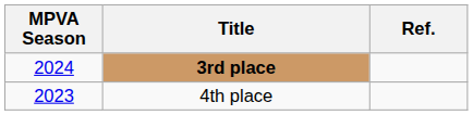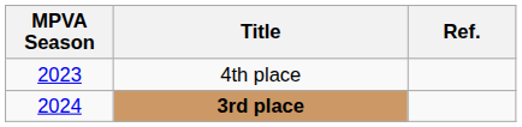 <table class="wikitable">
 <tr>
 <th width=80px>MPVA Season</th>
 <th width=230px>Title</th>
 <th width=80px>Ref.</th>
 </tr>
 <tr align=center>
+<td><a href='#'>2023</a></td>
+<td>4th place</td>
+<td></td>
+</tr>
+<tr align=center>
 <td><a href='#'>2024</a></td>
 <td style="background:#c96;"><strong>3rd place</strong></td>
 <td></td>
 </tr>
-<tr align=center>
-<td><a href='#'>2023</a></td>
-<td>4th place</td>
-<td></td>
-</tr>
 </table>
